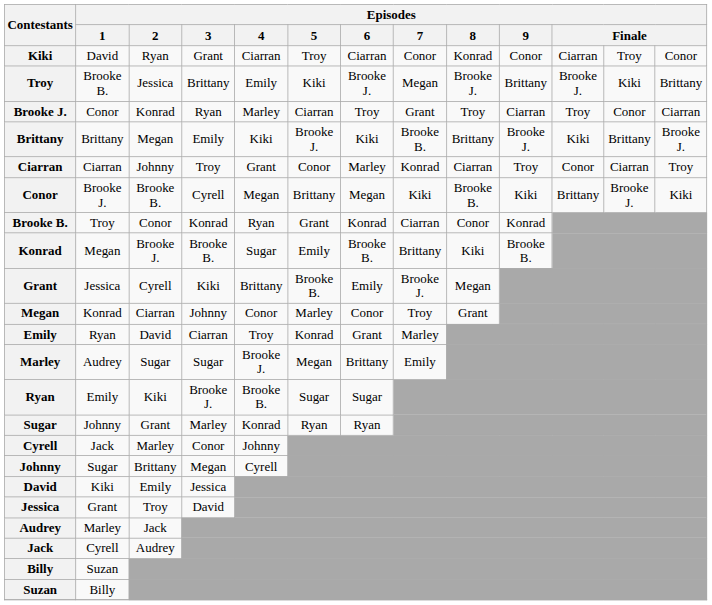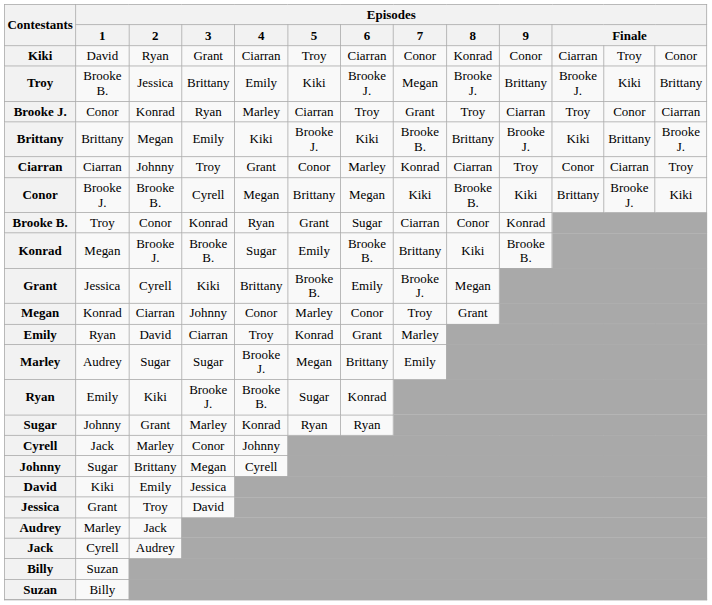 <table class="wikitable unsortable" style="text-align:center; font-size:100%;">
 <tr>
 <th scope="col" rowspan=2>Contestants</th>
 <th colspan="16" scope="col">Episodes</th>
 </tr>
 <tr>
 <th>1</th>
 <th>2</th>
 <th>3</th>
 <th>4</th>
 <th>5</th>
 <th>6</th>
 <th>7</th>
 <th>8</th>
 <th>9</th>
 <th colspan=3>Finale</th>
 </tr>
 <tr>
 <th>Kiki</th>
 <td>David</td>
 <td>Ryan</td>
 <td>Grant</td>
 <td>Ciarran</td>
 <td>Troy</td>
 <td>Ciarran</td>
 <td>Conor</td>
 <td>Konrad</td>
 <td>Conor</td>
 <td>Ciarran</td>
 <td>Troy</td>
 <td>Conor</td>
 </tr>
 <tr>
 <th>Troy</th>
 <td>Brooke B.</td>
 <td>Jessica</td>
 <td>Brittany</td>
 <td>Emily</td>
 <td>Kiki</td>
 <td>Brooke J.</td>
 <td>Megan</td>
 <td>Brooke J.</td>
 <td>Brittany</td>
 <td>Brooke J.</td>
 <td>Kiki</td>
 <td>Brittany</td>
 </tr>
 <tr>
 <th>Brooke J.</th>
 <td>Conor</td>
 <td>Konrad</td>
 <td>Ryan</td>
 <td>Marley</td>
 <td>Ciarran</td>
 <td>Troy</td>
 <td>Grant</td>
 <td>Troy</td>
 <td>Ciarran</td>
 <td>Troy</td>
 <td>Conor</td>
 <td>Ciarran</td>
 </tr>
 <tr>
 <th>Brittany</th>
 <td>Brittany</td>
 <td>Megan</td>
 <td>Emily</td>
 <td>Kiki</td>
 <td>Brooke J.</td>
 <td>Kiki</td>
 <td>Brooke B.</td>
 <td>Brittany</td>
 <td>Brooke J.</td>
 <td>Kiki</td>
 <td>Brittany</td>
 <td>Brooke J.</td>
 </tr>
 <tr>
 <th>Ciarran</th>
 <td>Ciarran</td>
 <td>Johnny</td>
 <td>Troy</td>
 <td>Grant</td>
 <td>Conor</td>
 <td>Marley</td>
 <td>Konrad</td>
 <td>Ciarran</td>
 <td>Troy</td>
 <td>Conor</td>
 <td>Ciarran</td>
 <td>Troy</td>
 </tr>
 <tr>
 <th>Conor</th>
 <td>Brooke J.</td>
 <td>Brooke B.</td>
 <td>Cyrell</td>
 <td>Megan</td>
 <td>Brittany</td>
 <td>Megan</td>
 <td>Kiki</td>
 <td>Brooke B.</td>
 <td>Kiki</td>
 <td>Brittany</td>
 <td>Brooke J.</td>
 <td>Kiki</td>
 </tr>
 <tr>
 <th>Brooke B.</th>
 <td>Troy</td>
 <td>Conor</td>
 <td>Konrad</td>
 <td>Ryan</td>
 <td>Grant</td>
-<td>Konrad</td>
+<td>Sugar</td>
 <td>Ciarran</td>
 <td>Conor</td>
 <td>Konrad</td>
 <td colspan="3" style="background:darkgray"></td>
 </tr>
 <tr>
 <th>Konrad</th>
 <td>Megan</td>
 <td>Brooke J.</td>
 <td>Brooke B.</td>
 <td>Sugar</td>
 <td>Emily</td>
 <td>Brooke B.</td>
 <td>Brittany</td>
 <td>Kiki</td>
 <td>Brooke B.</td>
 <td colspan="3" style="background:darkgray"></td>
 </tr>
 <tr>
 <th>Grant</th>
 <td>Jessica</td>
 <td>Cyrell</td>
 <td>Kiki</td>
 <td>Brittany</td>
 <td>Brooke B.</td>
 <td>Emily</td>
 <td>Brooke J.</td>
 <td>Megan</td>
 <td colspan="4" style="background:darkgray"></td>
 </tr>
 <tr>
 <th>Megan</th>
 <td>Konrad</td>
 <td>Ciarran</td>
 <td>Johnny</td>
 <td>Conor</td>
 <td>Marley</td>
 <td>Conor</td>
 <td>Troy</td>
 <td>Grant</td>
 <td colspan="4" style="background:darkgray"></td>
 </tr>
 <tr>
 <th>Emily</th>
 <td>Ryan</td>
 <td>David</td>
 <td>Ciarran</td>
 <td>Troy</td>
 <td>Konrad</td>
 <td>Grant</td>
 <td>Marley</td>
 <td colspan="5" style="background:darkgray"></td>
 </tr>
 <tr>
 <th>Marley</th>
 <td>Audrey</td>
 <td>Sugar</td>
 <td>Sugar</td>
 <td>Brooke J.</td>
 <td>Megan</td>
 <td>Brittany</td>
 <td>Emily</td>
 <td colspan="5" style="background:darkgray"></td>
 </tr>
 <tr>
 <th>Ryan</th>
 <td>Emily</td>
 <td>Kiki</td>
 <td>Brooke J.</td>
 <td>Brooke B.</td>
 <td>Sugar</td>
-<td>Sugar</td>
+<td>Konrad</td>
 <td colspan="6" style="background:darkgray"></td>
 </tr>
 <tr>
 <th>Sugar</th>
 <td>Johnny</td>
 <td>Grant</td>
 <td>Marley</td>
 <td>Konrad</td>
 <td>Ryan</td>
 <td>Ryan</td>
 <td colspan="6" style="background:darkgray"></td>
 </tr>
 <tr>
 <th>Cyrell</th>
 <td>Jack</td>
 <td>Marley</td>
 <td>Conor</td>
 <td>Johnny</td>
 <td colspan="8" style="background:darkgray"></td>
 </tr>
 <tr>
 <th>Johnny</th>
 <td>Sugar</td>
 <td>Brittany</td>
 <td>Megan</td>
 <td>Cyrell</td>
 <td colspan="8" style="background:darkgray"></td>
 </tr>
 <tr>
 <th>David</th>
 <td>Kiki</td>
 <td>Emily</td>
 <td>Jessica</td>
 <td colspan="9" style="background:darkgray"></td>
 </tr>
 <tr>
 <th>Jessica</th>
 <td>Grant</td>
 <td>Troy</td>
 <td>David</td>
 <td colspan="9" style="background:darkgray"></td>
 </tr>
 <tr>
 <th>Audrey</th>
 <td>Marley</td>
 <td>Jack</td>
 <td colspan="10" style="background:darkgray"></td>
 </tr>
 <tr>
 <th>Jack</th>
 <td>Cyrell</td>
 <td>Audrey</td>
 <td colspan="10" style="background:darkgray"></td>
 </tr>
 <tr>
 <th>Billy</th>
 <td>Suzan</td>
 <td colspan="11" style="background:darkgray"></td>
 </tr>
 <tr>
 <th>Suzan</th>
 <td>Billy</td>
 <td colspan="11" style="background:darkgray"></td>
 </tr>
 <tr>
 </tr>
 </table>
